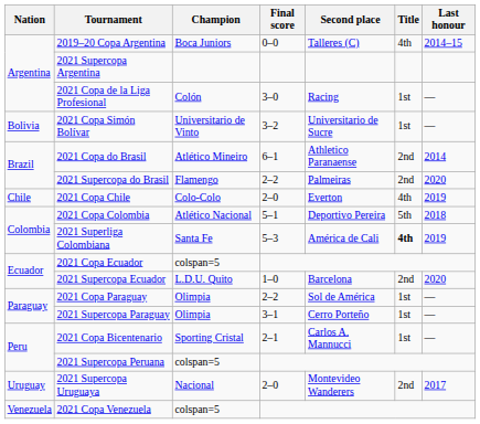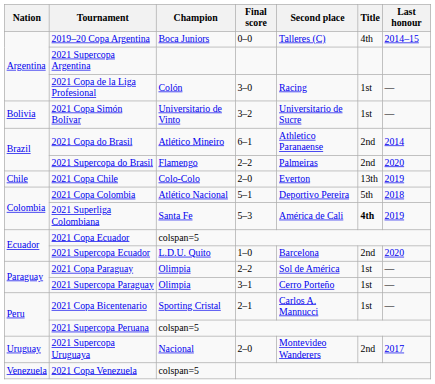 <table class=wikitable style="font-size:14px">
 <tr>
 <th>Nation</th>
 <th>Tournament</th>
 <th>Champion</th>
 <th>Final score</th>
 <th>Second place</th>
 <th data-sort-type="number">Title</th>
 <th>Last honour</th>
 </tr>
 <tr>
 <td rowspan="3"> <a href='#'>Argentina</a></td>
 <td><a href='#'>2019–20 Copa Argentina</a></td>
 <td><a href='#'>Boca Juniors</a></td>
 <td>0–0 </td>
 <td><a href='#'>Talleres (C)</a></td>
 <td>4th</td>
 <td><a href='#'>2014–15</a></td>
 </tr>
 <tr>
 <td><a href='#'>2021 Supercopa Argentina</a></td>
 <td></td>
 <td></td>
 <td></td>
 <td></td>
 <td></td>
 </tr>
 <tr>
 <td><a href='#'>2021 Copa de la Liga Profesional</a></td>
 <td><a href='#'>Colón</a></td>
 <td>3–0</td>
 <td><a href='#'>Racing</a></td>
 <td>1st</td>
 <td>—</td>
 </tr>
 <tr>
 <td> <a href='#'>Bolivia</a></td>
 <td><a href='#'>2021 Copa Simón Bolívar</a></td>
 <td><a href='#'>Universitario de Vinto</a></td>
 <td>3–2</td>
 <td><a href='#'>Universitario de Sucre</a></td>
 <td>1st</td>
 <td>—</td>
 </tr>
 <tr>
 <td rowspan="2"> <a href='#'>Brazil</a></td>
 <td><a href='#'>2021 Copa do Brasil</a></td>
 <td><a href='#'>Atlético Mineiro</a></td>
 <td>6–1</td>
 <td><a href='#'>Athletico Paranaense</a></td>
 <td>2nd</td>
 <td><a href='#'>2014</a></td>
 </tr>
 <tr>
 <td><a href='#'>2021 Supercopa do Brasil</a></td>
 <td><a href='#'>Flamengo</a></td>
 <td>2–2 </td>
 <td><a href='#'>Palmeiras</a></td>
 <td>2nd</td>
 <td><a href='#'>2020</a></td>
 </tr>
 <tr>
 <td> <a href='#'>Chile</a></td>
 <td><a href='#'>2021 Copa Chile</a></td>
 <td><a href='#'>Colo-Colo</a></td>
 <td>2–0</td>
 <td><a href='#'>Everton</a></td>
-<td>4th</td>
+<td>13th</td>
 <td><a href='#'>2019</a></td>
 </tr>
 <tr>
 <td rowspan=2> <a href='#'>Colombia</a></td>
 <td><a href='#'>2021 Copa Colombia</a></td>
 <td><a href='#'>Atlético Nacional</a></td>
 <td>5–1</td>
 <td><a href='#'>Deportivo Pereira</a></td>
 <td>5th</td>
 <td><a href='#'>2018</a></td>
 </tr>
 <tr>
 <td><a href='#'>2021 Superliga Colombiana</a></td>
 <td><a href='#'>Santa Fe</a></td>
 <td>5–3</td>
 <td><a href='#'>América de Cali</a></td>
 <td><strong>4th</strong></td>
 <td><a href='#'>2019</a></td>
 </tr>
 <tr>
 <td rowspan="2"> <a href='#'>Ecuador</a></td>
 <td><a href='#'>2021 Copa Ecuador</a></td>
 <td>colspan=5 </td>
 </tr>
 <tr>
 <td><a href='#'>2021 Supercopa Ecuador</a></td>
 <td><a href='#'>L.D.U. Quito</a></td>
 <td>1–0</td>
 <td><a href='#'>Barcelona</a></td>
 <td>2nd</td>
 <td><a href='#'>2020</a></td>
 </tr>
 <tr>
 <td rowspan="2"> <a href='#'>Paraguay</a></td>
 <td><a href='#'>2021 Copa Paraguay</a></td>
 <td><a href='#'>Olimpia</a></td>
 <td>2–2 </td>
 <td><a href='#'>Sol de América</a></td>
 <td>1st</td>
 <td>—</td>
 </tr>
 <tr>
 <td><a href='#'>2021 Supercopa Paraguay</a></td>
 <td><a href='#'>Olimpia</a></td>
 <td>3–1</td>
 <td><a href='#'>Cerro Porteño</a></td>
 <td>1st</td>
 <td>—</td>
 </tr>
 <tr>
 <td rowspan="2"> <a href='#'>Peru</a></td>
 <td><a href='#'>2021 Copa Bicentenario</a></td>
 <td><a href='#'>Sporting Cristal</a></td>
 <td>2–1</td>
 <td><a href='#'>Carlos A. Mannucci</a></td>
 <td>1st</td>
 <td>—</td>
 </tr>
 <tr>
 <td><a href='#'>2021 Supercopa Peruana</a></td>
 <td>colspan=5 </td>
 </tr>
 <tr>
 <td> <a href='#'>Uruguay</a></td>
 <td><a href='#'>2021 Supercopa Uruguaya</a></td>
 <td><a href='#'>Nacional</a></td>
 <td>2–0</td>
 <td><a href='#'>Montevideo Wanderers</a></td>
 <td>2nd</td>
 <td><a href='#'>2017</a></td>
 </tr>
 <tr>
 <td> <a href='#'>Venezuela</a></td>
 <td><a href='#'>2021 Copa Venezuela</a></td>
 <td>colspan=5 </td>
 </tr>
 </table>
